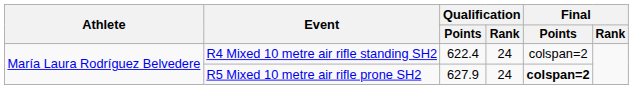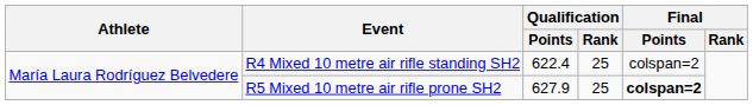 <table class="wikitable" style="font-size:90%">
 <tr>
 <th rowspan="2">Athlete</th>
 <th rowspan="2">Event</th>
 <th colspan="2">Qualification</th>
 <th colspan="2">Final</th>
 </tr>
 <tr style="font-size:95%">
 <th>Points</th>
 <th>Rank</th>
 <th>Points</th>
 <th>Rank</th>
 </tr>
 <tr align=center>
 <td rowspan="2"><a href='#'>María Laura Rodríguez Belvedere</a></td>
 <td align="left"><a href='#'>R4 Mixed 10 metre air rifle standing SH2</a></td>
 <td>622.4</td>
-<td>24</td>
+<td>25</td>
 <td>colspan=2 </td>
 </tr>
 <tr align=center>
 <td align="left"><a href='#'>R5 Mixed 10 metre air rifle prone SH2</a></td>
 <td>627.9</td>
-<td>24</td>
+<td>25</td>
 <td><strong>colspan=2 </strong></td>
 </tr>
 </table>
